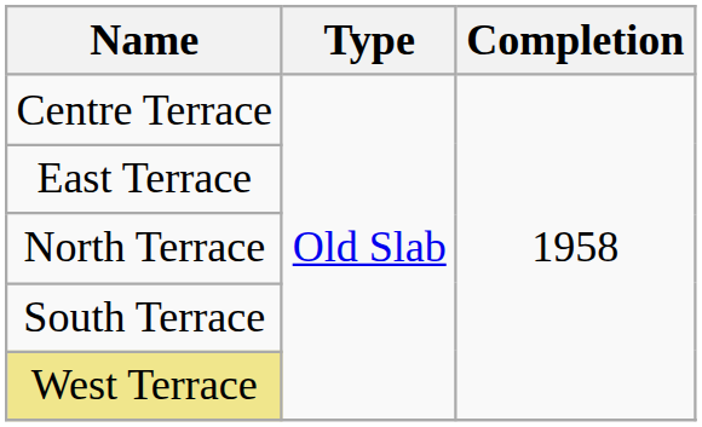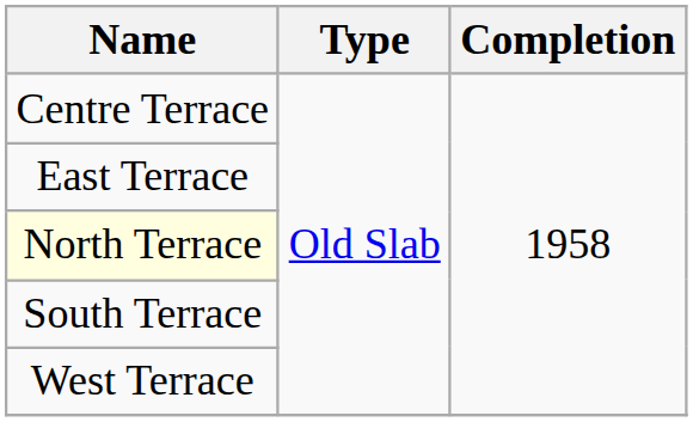 <table class="wikitable" style="text-align: center">
 <tr>
 <th>Name</th>
 <th>Type</th>
 <th>Completion</th>
 </tr>
 <tr>
 <td>Centre Terrace</td>
 <td rowspan="5"><a href='#'>Old Slab</a></td>
 <td rowspan="5">1958</td>
 </tr>
 <tr>
 <td>East Terrace</td>
 </tr>
 <tr>
-<td>North Terrace</td>
+<td style="background: lightyellow;">North Terrace</td>
 </tr>
 <tr>
 <td>South Terrace</td>
 </tr>
 <tr>
-<td style="background: khaki;">West Terrace</td>
+<td>West Terrace</td>
 </tr>
 <tr>
 </tr>
 </table>
